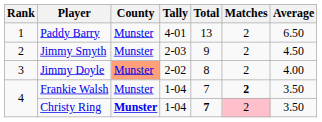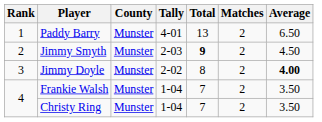 <table class="wikitable">
 <tr>
 <th>Rank</th>
 <th>Player</th>
 <th>County</th>
 <th>Tally</th>
 <th>Total</th>
 <th>Matches</th>
 <th>Average</th>
 </tr>
 <tr>
 <td rowspan=1 align=center>1</td>
 <td><a href='#'>Paddy Barry</a></td>
 <td><a href='#'>Munster</a></td>
 <td align=center>4-01</td>
 <td align=center>13</td>
 <td align=center>2</td>
 <td align=center>6.50</td>
 </tr>
 <tr>
 <td rowspan=1 align=center>2</td>
 <td><a href='#'>Jimmy Smyth</a></td>
 <td><a href='#'>Munster</a></td>
 <td align=center>2-03</td>
-<td align=center>9</td>
+<td align=center><strong>9</strong></td>
 <td align=center>2</td>
 <td align=center>4.50</td>
 </tr>
 <tr>
 <td rowspan=1 align=center>3</td>
 <td><a href='#'>Jimmy Doyle</a></td>
-<td style="background: lightsalmon;"><a href='#'>Munster</a></td>
+<td><a href='#'>Munster</a></td>
 <td align=center>2-02</td>
 <td align=center>8</td>
 <td align=center>2</td>
-<td align=center>4.00</td>
+<td align=center><strong>4.00</strong></td>
 </tr>
 <tr>
 <td rowspan=2 align=center>4</td>
 <td><a href='#'>Frankie Walsh</a></td>
 <td><a href='#'>Munster</a></td>
 <td align=center>1-04</td>
 <td align=center>7</td>
-<td align=center><strong>2</strong></td>
+<td align=center>2</td>
 <td align=center>3.50</td>
 </tr>
 <tr>
 <td><a href='#'>Christy Ring</a></td>
-<td><strong><a href='#'>Munster</a></strong></td>
+<td><a href='#'>Munster</a></td>
 <td align=center>1-04</td>
-<td align=center><strong>7</strong></td>
-<td align=center style="background: pink;">2</td>
+<td align=center>7</td>
+<td align=center>2</td>
 <td align=center>3.50</td>
 </tr>
 </table>
